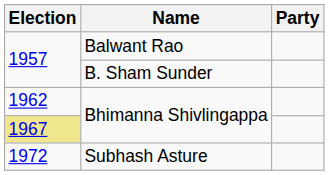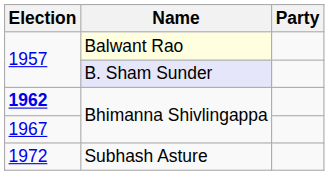 <table class="wikitable sortable">
 <tr>
 <th>Election</th>
 <th>Name</th>
 <th colspan=2>Party</th>
 </tr>
 <tr>
 <td rowspan="2"><a href='#'>1957</a></td>
-<td>Balwant Rao</td>
+<td style="background: lightyellow;">Balwant Rao</td>
 <td></td>
 </tr>
 <tr>
-<td>B. Sham Sunder</td>
+<td style="background: lavender;">B. Sham Sunder</td>
 </tr>
 <tr>
-<td><a href='#'>1962</a></td>
+<td><strong><a href='#'>1962</a></strong></td>
 <td rowspan="2">Bhimanna Shivlingappa</td>
 <td></td>
 </tr>
 <tr>
-<td style="background: khaki;"><a href='#'>1967</a></td>
+<td><a href='#'>1967</a></td>
 <td></td>
 </tr>
 <tr>
 <td><a href='#'>1972</a></td>
 <td>Subhash Asture</td>
 </tr>
 </table>
